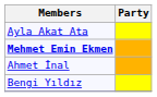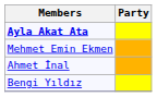 <table class=wikitable style="border:1px solid #8888aa; background-color:#f7f8ff; padding:0px; font-size:90%;">
 <tr>
 <th>Members</th>
 <th colspan="2">Party</th>
 </tr>
 <tr>
-<td><a href='#'>Ayla Akat Ata</a></td>
+<td><strong><a href='#'>Ayla Akat Ata</a></strong></td>
 <td style="background: #ffff00"></td>
 </tr>
 <tr>
-<td><strong><a href='#'>Mehmet Emin Ekmen</a></strong></td>
+<td><a href='#'>Mehmet Emin Ekmen</a></td>
 <td style="background: #ffb300"></td>
 </tr>
 <tr>
 <td><a href='#'>Ahmet İnal</a></td>
 <td style="background: #ffb300"></td>
 </tr>
 <tr>
 <td><a href='#'>Bengi Yıldız</a></td>
 <td style="background: #ffff00"></td>
 </tr>
 <tr>
 </tr>
 </table>
